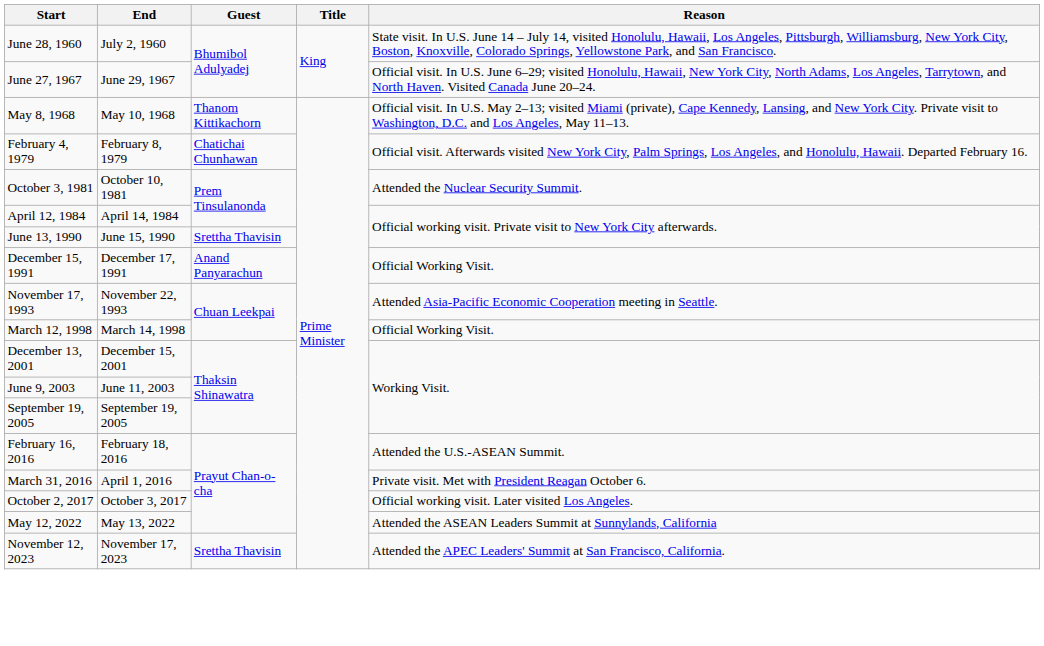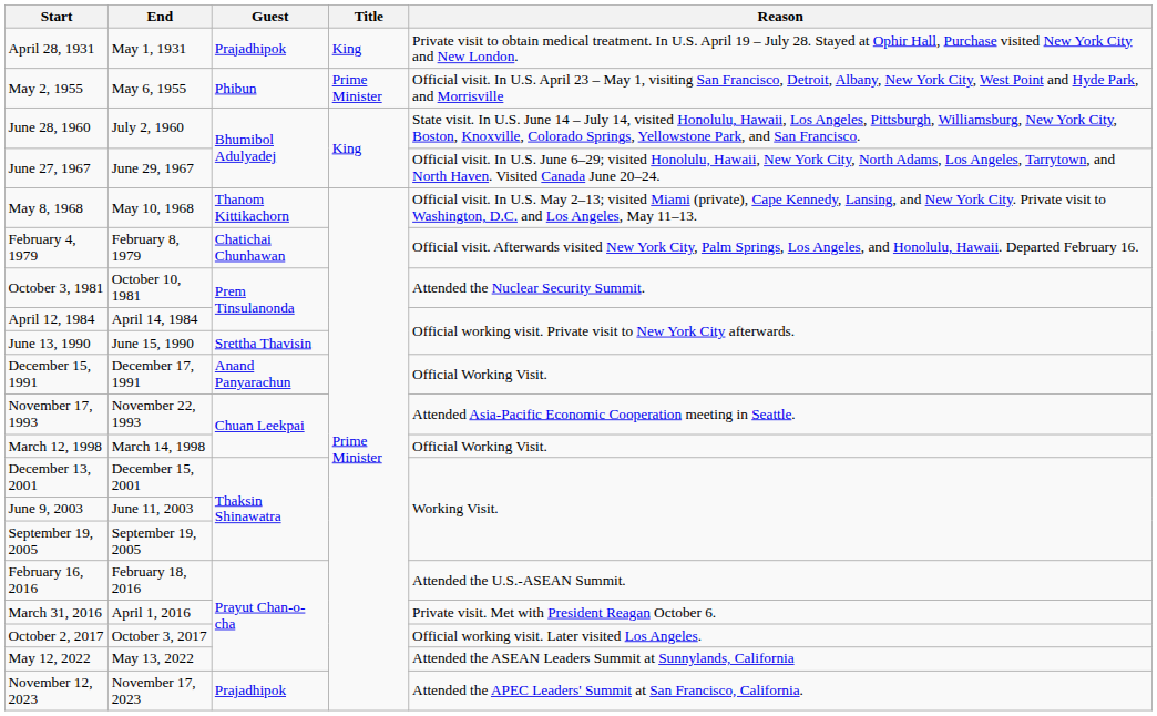 <table class="wikitable sortable">
 <tr>
 <th>Start</th>
 <th>End</th>
 <th>Guest</th>
 <th>Title</th>
 <th>Reason</th>
+</tr>
+<tr>
+<td>April 28, 1931</td>
+<td>May 1, 1931</td>
+<td><a href='#'>Prajadhipok</a></td>
+<td><a href='#'>King</a></td>
+<td>Private visit to obtain medical treatment. In U.S. April 19 – July 28. Stayed at <a href='#'>Ophir Hall</a>, <a href='#'>Purchase</a> visited <a href='#'>New York City</a> and <a href='#'>New London</a>.</td>
+</tr>
+<tr>
+<td>May 2, 1955</td>
+<td>May 6, 1955</td>
+<td><a href='#'>Phibun</a></td>
+<td><a href='#'>Prime Minister</a></td>
+<td>Official visit. In U.S. April 23 – May 1, visiting <a href='#'>San Francisco</a>, <a href='#'>Detroit</a>, <a href='#'>Albany</a>, <a href='#'>New York City</a>, <a href='#'>West Point</a> and <a href='#'>Hyde Park</a>, and <a href='#'>Morrisville</a></td>
 </tr>
 <tr>
 <td>June 28, 1960</td>
 <td>July 2, 1960</td>
 <td rowspan=2><a href='#'>Bhumibol Adulyadej</a></td>
 <td rowspan=2><a href='#'>King</a></td>
 <td>State visit. In U.S. June 14 – July 14, visited <a href='#'>Honolulu, Hawaii</a>, <a href='#'>Los Angeles</a>, <a href='#'>Pittsburgh</a>, <a href='#'>Williamsburg</a>, <a href='#'>New York City</a>, <a href='#'>Boston</a>, <a href='#'>Knoxville</a>, <a href='#'>Colorado Springs</a>, <a href='#'>Yellowstone Park</a>, and <a href='#'>San Francisco</a>.</td>
 </tr>
 <tr>
 <td>June 27, 1967</td>
 <td>June 29, 1967</td>
 <td>Official visit. In U.S. June 6–29; visited <a href='#'>Honolulu, Hawaii</a>, <a href='#'>New York City</a>, <a href='#'>North Adams</a>, <a href='#'>Los Angeles</a>, <a href='#'>Tarrytown</a>, and <a href='#'>North Haven</a>. Visited <a href='#'>Canada</a> June 20–24.</td>
 </tr>
 <tr>
 <td>May 8, 1968</td>
 <td>May 10, 1968</td>
 <td><a href='#'>Thanom Kittikachorn</a></td>
 <td rowspan=16><a href='#'>Prime Minister</a></td>
 <td>Official visit. In U.S. May 2–13; visited <a href='#'>Miami</a> (private), <a href='#'>Cape Kennedy</a>, <a href='#'>Lansing</a>, and <a href='#'>New York City</a>. Private visit to <a href='#'>Washington, D.C.</a> and <a href='#'>Los Angeles</a>, May 11–13.</td>
 </tr>
 <tr>
 <td>February 4, 1979</td>
 <td>February 8, 1979</td>
 <td><a href='#'>Chatichai Chunhawan</a></td>
 <td>Official visit. Afterwards visited <a href='#'>New York City</a>, <a href='#'>Palm Springs</a>, <a href='#'>Los Angeles</a>, and <a href='#'>Honolulu, Hawaii</a>. Departed February 16.</td>
 </tr>
 <tr>
 <td>October 3, 1981</td>
 <td>October 10, 1981</td>
 <td rowspan=2><a href='#'>Prem Tinsulanonda</a></td>
 <td>Attended the <a href='#'>Nuclear Security Summit</a>.</td>
 </tr>
 <tr>
 <td>April 12, 1984</td>
 <td>April 14, 1984</td>
 <td rowspan=2>Official working visit. Private visit to <a href='#'>New York City</a> afterwards.</td>
 </tr>
 <tr>
 <td>June 13, 1990</td>
 <td>June 15, 1990</td>
 <td><a href='#'>Srettha Thavisin</a></td>
 </tr>
 <tr>
 <td>December 15, 1991</td>
 <td>December 17, 1991</td>
 <td><a href='#'>Anand Panyarachun</a></td>
 <td>Official Working Visit.</td>
 </tr>
 <tr>
 <td>November 17, 1993</td>
 <td>November 22, 1993</td>
 <td rowspan=2><a href='#'>Chuan Leekpai</a></td>
 <td>Attended <a href='#'>Asia-Pacific Economic Cooperation</a> meeting in <a href='#'>Seattle</a>.</td>
 </tr>
 <tr>
 <td>March 12, 1998</td>
 <td>March 14, 1998</td>
 <td>Official Working Visit.</td>
 </tr>
 <tr>
 <td>December 13, 2001</td>
 <td>December 15, 2001</td>
 <td rowspan=3><a href='#'>Thaksin Shinawatra</a></td>
 <td rowspan=3>Working Visit.</td>
 </tr>
 <tr>
 <td>June 9, 2003</td>
 <td>June 11, 2003</td>
 </tr>
 <tr>
 <td>September 19, 2005</td>
 <td>September 19, 2005</td>
 </tr>
 <tr>
 <td>February 16, 2016</td>
 <td>February 18, 2016</td>
 <td rowspan=4><a href='#'>Prayut Chan-o-cha</a></td>
 <td>Attended the U.S.-ASEAN Summit.</td>
 </tr>
 <tr>
 <td>March 31, 2016</td>
 <td>April 1, 2016</td>
 <td>Private visit. Met with <a href='#'>President Reagan</a> October 6.</td>
 </tr>
 <tr>
 <td>October 2, 2017</td>
 <td>October 3, 2017</td>
 <td>Official working visit. Later visited <a href='#'>Los Angeles</a>.</td>
 </tr>
 <tr>
 <td>May 12, 2022</td>
 <td>May 13, 2022</td>
 <td>Attended the ASEAN Leaders Summit at <a href='#'>Sunnylands, California</a></td>
 </tr>
 <tr>
 <td>November 12, 2023</td>
 <td>November 17, 2023</td>
-<td><a href='#'>Srettha Thavisin</a></td>
+<td><a href='#'>Prajadhipok</a></td>
 <td>Attended the <a href='#'>APEC Leaders' Summit</a> at <a href='#'>San Francisco, California</a>.</td>
 </tr>
 </table>
